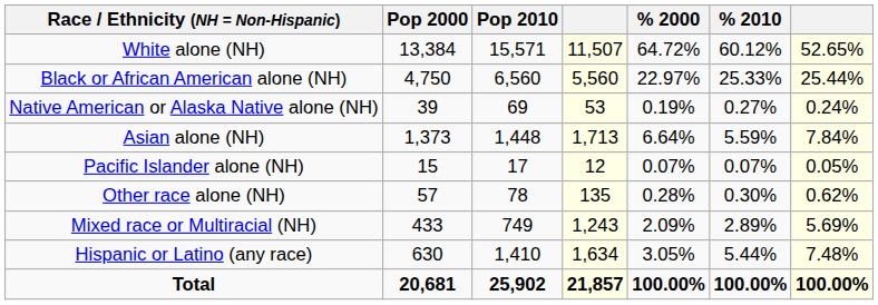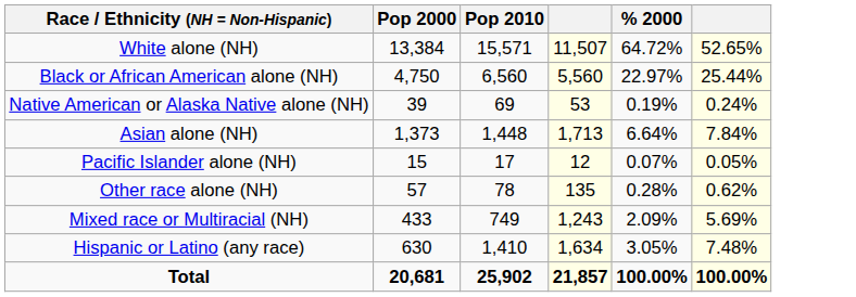 <table class="wikitable" style="text-align:center;">
 <tr>
 <th>Race / Ethnicity <small>(<em>NH = Non-Hispanic</em>)</small></th>
 <th>Pop 2000</th>
 <th>Pop 2010</th>
 <th></th>
 <th>% 2000</th>
-<th>% 2010</th>
 <th></th>
 </tr>
 <tr>
 <td><a href='#'>White</a> alone (NH)</td>
 <td>13,384</td>
 <td>15,571</td>
 <td style='background: #ffffe6;'>11,507</td>
 <td>64.72%</td>
-<td>60.12%</td>
 <td style='background: #ffffe6;'>52.65%</td>
 </tr>
 <tr>
 <td><a href='#'>Black or African American</a> alone (NH)</td>
 <td>4,750</td>
 <td>6,560</td>
 <td style='background: #ffffe6;'>5,560</td>
 <td>22.97%</td>
-<td>25.33%</td>
 <td style='background: #ffffe6;'>25.44%</td>
 </tr>
 <tr>
 <td><a href='#'>Native American</a> or <a href='#'>Alaska Native</a> alone (NH)</td>
 <td>39</td>
 <td>69</td>
 <td style='background: #ffffe6;'>53</td>
 <td>0.19%</td>
-<td>0.27%</td>
 <td style='background: #ffffe6;'>0.24%</td>
 </tr>
 <tr>
 <td><a href='#'>Asian</a> alone (NH)</td>
 <td>1,373</td>
 <td>1,448</td>
 <td style='background: #ffffe6;'>1,713</td>
 <td>6.64%</td>
-<td>5.59%</td>
 <td style='background: #ffffe6;'>7.84%</td>
 </tr>
 <tr>
 <td><a href='#'>Pacific Islander</a> alone (NH)</td>
 <td>15</td>
 <td>17</td>
 <td style='background: #ffffe6;'>12</td>
-<td>0.07%</td>
 <td>0.07%</td>
 <td style='background: #ffffe6;'>0.05%</td>
 </tr>
 <tr>
 <td><a href='#'>Other race</a> alone (NH)</td>
 <td>57</td>
 <td>78</td>
 <td style='background: #ffffe6;'>135</td>
 <td>0.28%</td>
-<td>0.30%</td>
 <td style='background: #ffffe6;'>0.62%</td>
 </tr>
 <tr>
 <td><a href='#'>Mixed race or Multiracial</a> (NH)</td>
 <td>433</td>
 <td>749</td>
 <td style='background: #ffffe6;'>1,243</td>
 <td>2.09%</td>
-<td>2.89%</td>
 <td style='background: #ffffe6;'>5.69%</td>
 </tr>
 <tr>
 <td><a href='#'>Hispanic or Latino</a> (any race)</td>
 <td>630</td>
 <td>1,410</td>
 <td style='background: #ffffe6;'>1,634</td>
 <td>3.05%</td>
-<td>5.44%</td>
 <td style='background: #ffffe6;'>7.48%</td>
 </tr>
 <tr>
 <td><strong>Total</strong></td>
 <td><strong>20,681</strong></td>
 <td><strong>25,902</strong></td>
 <td style='background: #ffffe6;'><strong>21,857</strong></td>
 <td><strong>100.00%</strong></td>
-<td><strong>100.00%</strong></td>
 <td style='background: #ffffe6;'><strong>100.00%</strong></td>
 </tr>
 </table>
